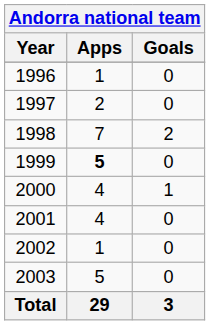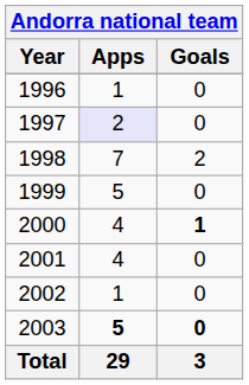 <table class="wikitable" style="text-align:center">
 <tr>
 <th colspan=3><a href='#'>Andorra national team</a></th>
 </tr>
 <tr>
 <th>Year</th>
 <th>Apps</th>
 <th>Goals</th>
 </tr>
 <tr>
 </tr>
 <tr>
 <td>1996</td>
 <td>1</td>
 <td>0</td>
 </tr>
 <tr>
 <td>1997</td>
-<td>2</td>
+<td style="background: lavender;">2</td>
 <td>0</td>
 </tr>
 <tr>
 <td>1998</td>
 <td>7</td>
 <td>2</td>
 </tr>
 <tr>
 <td>1999</td>
-<td><strong>5</strong></td>
+<td>5</td>
 <td>0</td>
 </tr>
 <tr>
 <td>2000</td>
 <td>4</td>
-<td>1</td>
+<td><strong>1</strong></td>
 </tr>
 <tr>
 <td>2001</td>
 <td>4</td>
 <td>0</td>
 </tr>
 <tr>
 <td>2002</td>
 <td>1</td>
 <td>0</td>
 </tr>
 <tr>
 <td>2003</td>
-<td>5</td>
-<td>0</td>
+<td><strong>5</strong></td>
+<td><strong>0</strong></td>
 </tr>
 <tr>
 <th>Total</th>
 <th>29</th>
 <th>3</th>
 </tr>
 </table>
